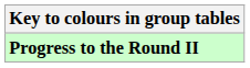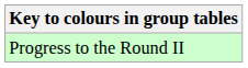 <table class="wikitable" border="1">
 <tr>
 <th>Key to colours in group tables</th>
 </tr>
 <tr style="background:#cfc;">
-<td><strong>Progress to the Round II</strong></td>
+<td>Progress to the Round II</td>
 </tr>
 </table>
